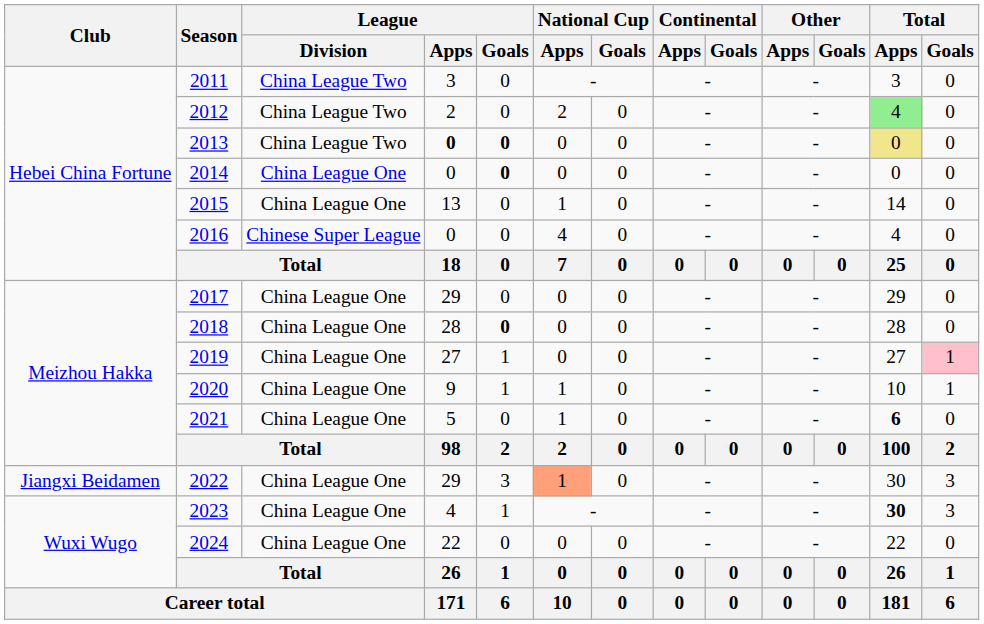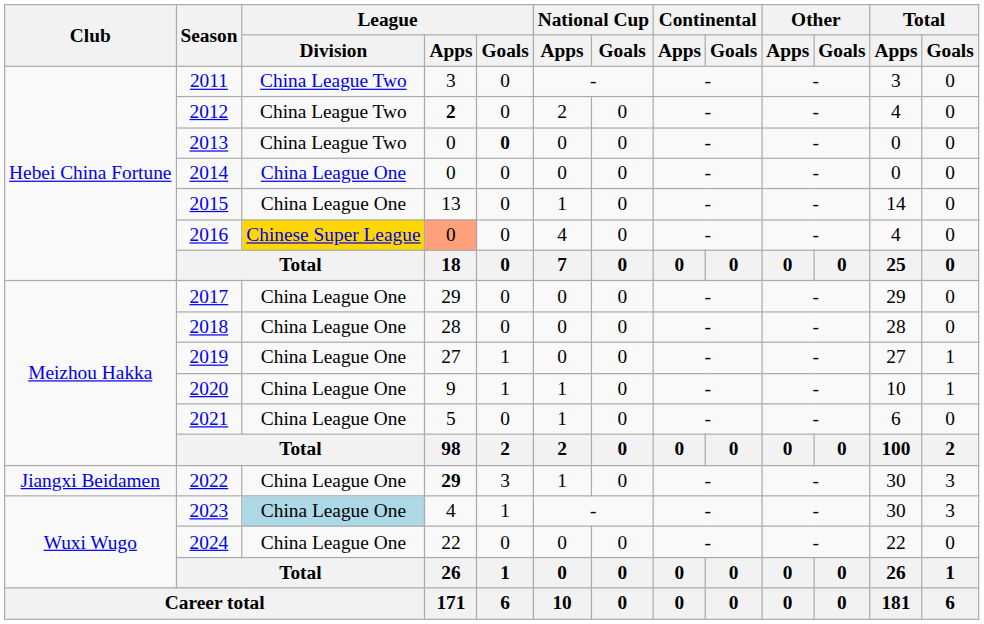 <table class="wikitable" style="text-align: center">
 <tr>
 <th rowspan="2">Club</th>
 <th rowspan="2">Season</th>
 <th colspan="3">League</th>
 <th colspan="2">National Cup</th>
 <th colspan="2">Continental</th>
 <th colspan="2">Other</th>
 <th colspan="2">Total</th>
 </tr>
 <tr>
 <th>Division</th>
 <th>Apps</th>
 <th>Goals</th>
 <th>Apps</th>
 <th>Goals</th>
 <th>Apps</th>
 <th>Goals</th>
 <th>Apps</th>
 <th>Goals</th>
 <th>Apps</th>
 <th>Goals</th>
 </tr>
 <tr>
 <td rowspan=7><a href='#'>Hebei China Fortune</a></td>
 <td><a href='#'>2011</a></td>
 <td><a href='#'>China League Two</a></td>
 <td>3</td>
 <td>0</td>
 <td colspan="2">-</td>
 <td colspan="2">-</td>
 <td colspan="2">-</td>
 <td>3</td>
 <td>0</td>
 </tr>
 <tr>
 <td><a href='#'>2012</a></td>
 <td>China League Two</td>
-<td>2</td>
+<td><strong>2</strong></td>
 <td>0</td>
 <td>2</td>
 <td>0</td>
 <td colspan="2">-</td>
 <td colspan="2">-</td>
-<td style="background: lightgreen;">4</td>
+<td>4</td>
 <td>0</td>
 </tr>
 <tr>
 <td><a href='#'>2013</a></td>
 <td>China League Two</td>
-<td><strong>0</strong></td>
+<td>0</td>
 <td><strong>0</strong></td>
 <td>0</td>
 <td>0</td>
 <td colspan="2">-</td>
 <td colspan="2">-</td>
-<td style="background: khaki;">0</td>
+<td>0</td>
 <td>0</td>
 </tr>
 <tr>
 <td><a href='#'>2014</a></td>
 <td><a href='#'>China League One</a></td>
 <td>0</td>
-<td><strong>0</strong></td>
+<td>0</td>
 <td>0</td>
 <td>0</td>
 <td colspan="2">-</td>
 <td colspan="2">-</td>
 <td>0</td>
 <td>0</td>
 </tr>
 <tr>
 <td><a href='#'>2015</a></td>
 <td>China League One</td>
 <td>13</td>
 <td>0</td>
 <td>1</td>
 <td>0</td>
 <td colspan="2">-</td>
 <td colspan="2">-</td>
 <td>14</td>
 <td>0</td>
 </tr>
 <tr>
 <td><a href='#'>2016</a></td>
-<td><a href='#'>Chinese Super League</a></td>
-<td>0</td>
+<td style="background: gold;"><a href='#'>Chinese Super League</a></td>
+<td style="background: lightsalmon;">0</td>
 <td>0</td>
 <td>4</td>
 <td>0</td>
 <td colspan="2">-</td>
 <td colspan="2">-</td>
 <td>4</td>
 <td>0</td>
 </tr>
 <tr>
 <th colspan=2>Total</th>
 <th>18</th>
 <th>0</th>
 <th>7</th>
 <th>0</th>
 <th>0</th>
 <th>0</th>
 <th>0</th>
 <th>0</th>
 <th>25</th>
 <th>0</th>
 </tr>
 <tr>
 <td rowspan=6><a href='#'>Meizhou Hakka</a></td>
 <td><a href='#'>2017</a></td>
 <td>China League One</td>
 <td>29</td>
 <td>0</td>
 <td>0</td>
 <td>0</td>
 <td colspan="2">-</td>
 <td colspan="2">-</td>
 <td>29</td>
 <td>0</td>
 </tr>
 <tr>
 <td><a href='#'>2018</a></td>
 <td>China League One</td>
 <td>28</td>
-<td><strong>0</strong></td>
+<td>0</td>
 <td>0</td>
 <td>0</td>
 <td colspan="2">-</td>
 <td colspan="2">-</td>
 <td>28</td>
 <td>0</td>
 </tr>
 <tr>
 <td><a href='#'>2019</a></td>
 <td>China League One</td>
 <td>27</td>
 <td>1</td>
 <td>0</td>
 <td>0</td>
 <td colspan="2">-</td>
 <td colspan="2">-</td>
 <td>27</td>
-<td style="background: pink;">1</td>
+<td>1</td>
 </tr>
 <tr>
 <td><a href='#'>2020</a></td>
 <td>China League One</td>
 <td>9</td>
 <td>1</td>
 <td>1</td>
 <td>0</td>
 <td colspan="2">-</td>
 <td colspan="2">-</td>
 <td>10</td>
 <td>1</td>
 </tr>
 <tr>
 <td><a href='#'>2021</a></td>
 <td>China League One</td>
 <td>5</td>
 <td>0</td>
 <td>1</td>
 <td>0</td>
 <td colspan="2">-</td>
 <td colspan="2">-</td>
-<td><strong>6</strong></td>
+<td>6</td>
 <td>0</td>
 </tr>
 <tr>
 <th colspan=2>Total</th>
 <th>98</th>
 <th>2</th>
 <th>2</th>
 <th>0</th>
 <th>0</th>
 <th>0</th>
 <th>0</th>
 <th>0</th>
 <th>100</th>
 <th>2</th>
 </tr>
 <tr>
 <td rowspan=1><a href='#'>Jiangxi Beidamen</a></td>
 <td><a href='#'>2022</a></td>
 <td>China League One</td>
-<td>29</td>
+<td><strong>29</strong></td>
 <td>3</td>
-<td style="background: lightsalmon;">1</td>
+<td>1</td>
 <td>0</td>
 <td colspan="2">-</td>
 <td colspan="2">-</td>
 <td>30</td>
 <td>3</td>
 </tr>
 <tr>
 <td rowspan=3><a href='#'>Wuxi Wugo</a></td>
 <td><a href='#'>2023</a></td>
-<td>China League One</td>
+<td style="background: lightblue;">China League One</td>
 <td>4</td>
 <td>1</td>
 <td colspan="2">-</td>
 <td colspan="2">-</td>
 <td colspan="2">-</td>
-<td><strong>30</strong></td>
+<td>30</td>
 <td>3</td>
 </tr>
 <tr>
 <td><a href='#'>2024</a></td>
 <td>China League One</td>
 <td>22</td>
 <td>0</td>
 <td>0</td>
 <td>0</td>
 <td colspan="2">-</td>
 <td colspan="2">-</td>
 <td>22</td>
 <td>0</td>
 </tr>
 <tr>
 <th colspan=2>Total</th>
 <th>26</th>
 <th>1</th>
 <th>0</th>
 <th>0</th>
 <th>0</th>
 <th>0</th>
 <th>0</th>
 <th>0</th>
 <th>26</th>
 <th>1</th>
 </tr>
 <tr>
 <th colspan=3>Career total</th>
 <th>171</th>
 <th>6</th>
 <th>10</th>
 <th>0</th>
 <th>0</th>
 <th>0</th>
 <th>0</th>
 <th>0</th>
 <th>181</th>
 <th>6</th>
 </tr>
 </table>
